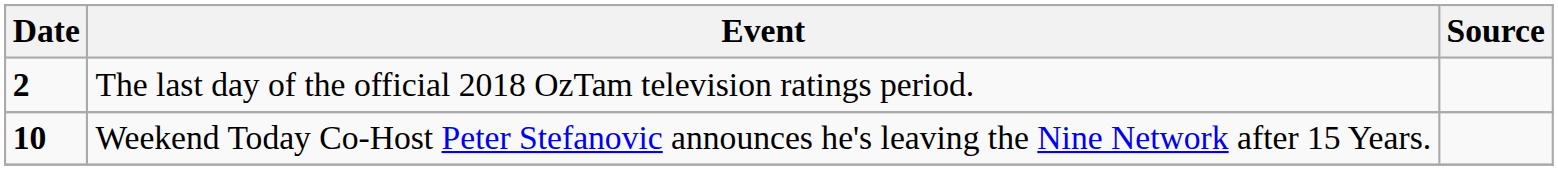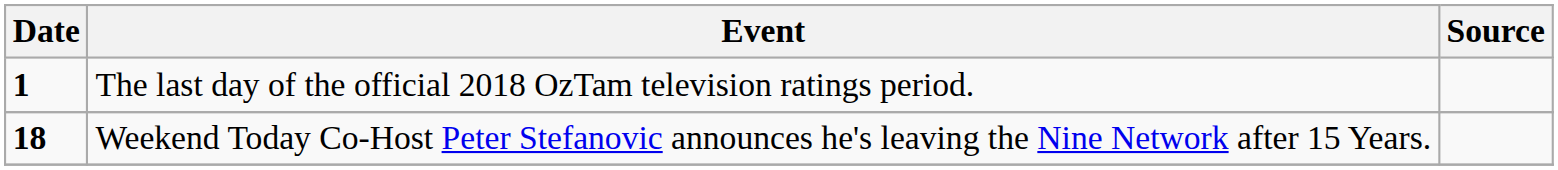 <table class="wikitable">
 <tr>
 <th>Date</th>
 <th>Event</th>
 <th>Source</th>
 </tr>
 <tr>
-<td><strong>2</strong></td>
+<td><strong>1</strong></td>
 <td>The last day of the official 2018 OzTam television ratings period.</td>
 <td></td>
 </tr>
 <tr>
 </tr>
 <tr>
-<td><strong>10</strong></td>
+<td><strong>18</strong></td>
 <td>Weekend Today Co-Host <a href='#'>Peter Stefanovic</a> announces he's leaving the <a href='#'>Nine Network</a> after 15 Years.</td>
 <td></td>
 </tr>
 <tr>
 </tr>
 </table>
